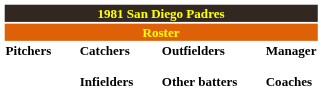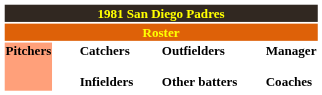 <table class="toccolours" style="font-size: 95%;">
 <tr>
 <th colspan="10" style="background-color: #312821; color: yellow; text-align: center;">1981 San Diego Padres</th>
 </tr>
 <tr>
 <td colspan="10" style="background-color: #de6108; color: yellow; text-align: center;"><strong>Roster</strong></td>
 </tr>
 <tr>
-<td valign="top"><strong>Pitchers</strong><br>             </td>
+<td valign="top" style="background: lightsalmon;"><strong>Pitchers</strong><br>             </td>
 <td width="25px"></td>
 <td valign="top"><strong>Catchers</strong><br>  <br><strong>Infielders</strong>         </td>
 <td width="25px"></td>
 <td valign="top"><strong>Outfielders</strong><br>      <br><strong>Other batters</strong> </td>
 <td width="25px"></td>
 <td valign="top"><strong>Manager</strong><br><br><strong>Coaches</strong>    </td>
 </tr>
 </table>
